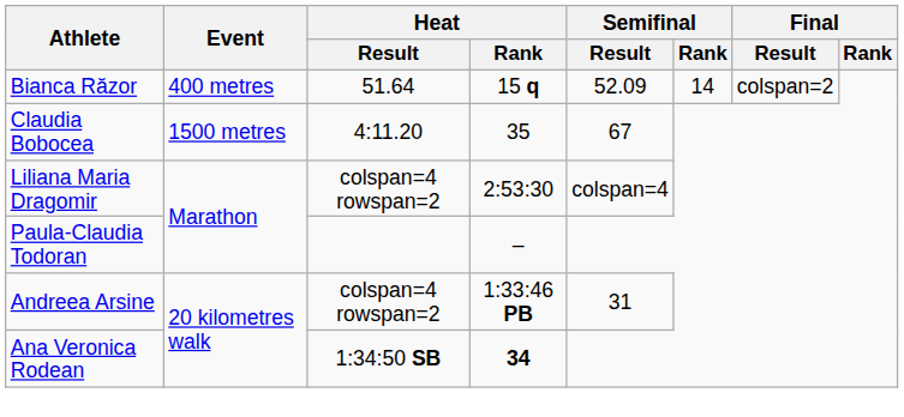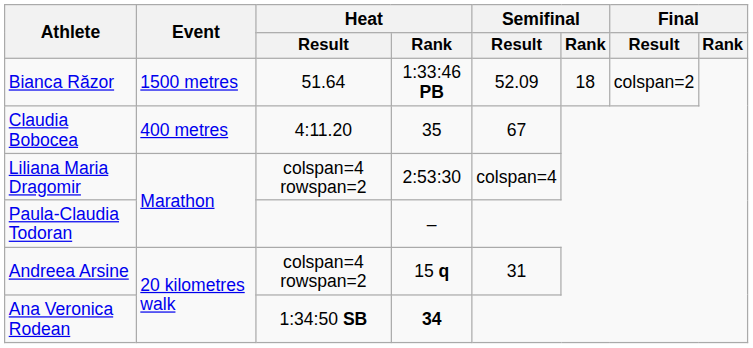 <table class="wikitable" style="font-size:90%">
 <tr>
 <th rowspan="2">Athlete</th>
 <th rowspan="2">Event</th>
 <th colspan="2">Heat</th>
 <th colspan="2">Semifinal</th>
 <th colspan="2">Final</th>
 </tr>
 <tr style="font-size:95%">
 <th>Result</th>
 <th>Rank</th>
 <th>Result</th>
 <th>Rank</th>
 <th>Result</th>
 <th>Rank</th>
 </tr>
 <tr style=text-align:center>
 <td style=text-align:left><a href='#'>Bianca Răzor</a></td>
-<td style=text-align:left><a href='#'>400 metres</a></td>
+<td style=text-align:left><a href='#'>1500 metres</a></td>
 <td>51.64</td>
-<td>15 <strong>q</strong></td>
+<td>1:33:46 <strong>PB</strong></td>
 <td>52.09</td>
-<td>14</td>
+<td>18</td>
 <td>colspan=2 </td>
 </tr>
 <tr style=text-align:center>
 <td style=text-align:left><a href='#'>Claudia Bobocea</a></td>
-<td style=text-align:left><a href='#'>1500 metres</a></td>
+<td style=text-align:left><a href='#'>400 metres</a></td>
 <td>4:11.20</td>
 <td>35</td>
 <td>67</td>
 </tr>
 <tr style=text-align:center>
 <td style=text-align:left><a href='#'>Liliana Maria Dragomir</a></td>
 <td style=text-align:left rowspan=2><a href='#'>Marathon</a></td>
 <td>colspan=4 rowspan=2 </td>
 <td>2:53:30</td>
 <td>colspan=4 </td>
 </tr>
 <tr style=text-align:center>
 <td style=text-align:left><a href='#'>Paula-Claudia Todoran</a></td>
 <td></td>
 <td>–</td>
 </tr>
 <tr style=text-align:center>
 <td style=text-align:left><a href='#'>Andreea Arsine</a></td>
 <td style=text-align:left rowspan=2><a href='#'>20 kilometres walk</a></td>
 <td>colspan=4 rowspan=2 </td>
-<td>1:33:46 <strong>PB</strong></td>
+<td>15 <strong>q</strong></td>
 <td>31</td>
 </tr>
 <tr style=text-align:center>
 <td style=text-align:left><a href='#'>Ana Veronica Rodean</a></td>
 <td>1:34:50 <strong>SB</strong></td>
 <td><strong>34</strong></td>
 </tr>
 </table>
